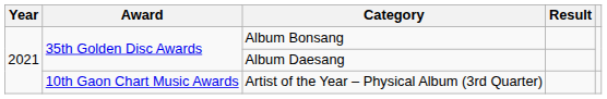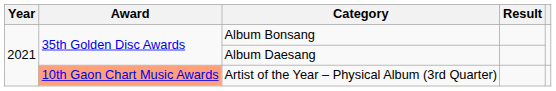 <table class="wikitable">
 <tr>
 <th>Year</th>
 <th>Award</th>
 <th>Category</th>
 <th>Result</th>
 <th></th>
 </tr>
 <tr>
 <td rowspan="3">2021</td>
 <td rowspan="2"><a href='#'>35th Golden Disc Awards</a></td>
 <td>Album Bonsang</td>
 <td></td>
 <td style="text-align:center" rowspan="2"></td>
 </tr>
 <tr>
 <td>Album Daesang</td>
 <td></td>
 </tr>
 <tr>
-<td><a href='#'>10th Gaon Chart Music Awards</a></td>
+<td style="background: lightsalmon;"><a href='#'>10th Gaon Chart Music Awards</a></td>
 <td>Artist of the Year – Physical Album (3rd Quarter)</td>
 <td></td>
 <td style="text-align:center"></td>
 </tr>
 </table>
